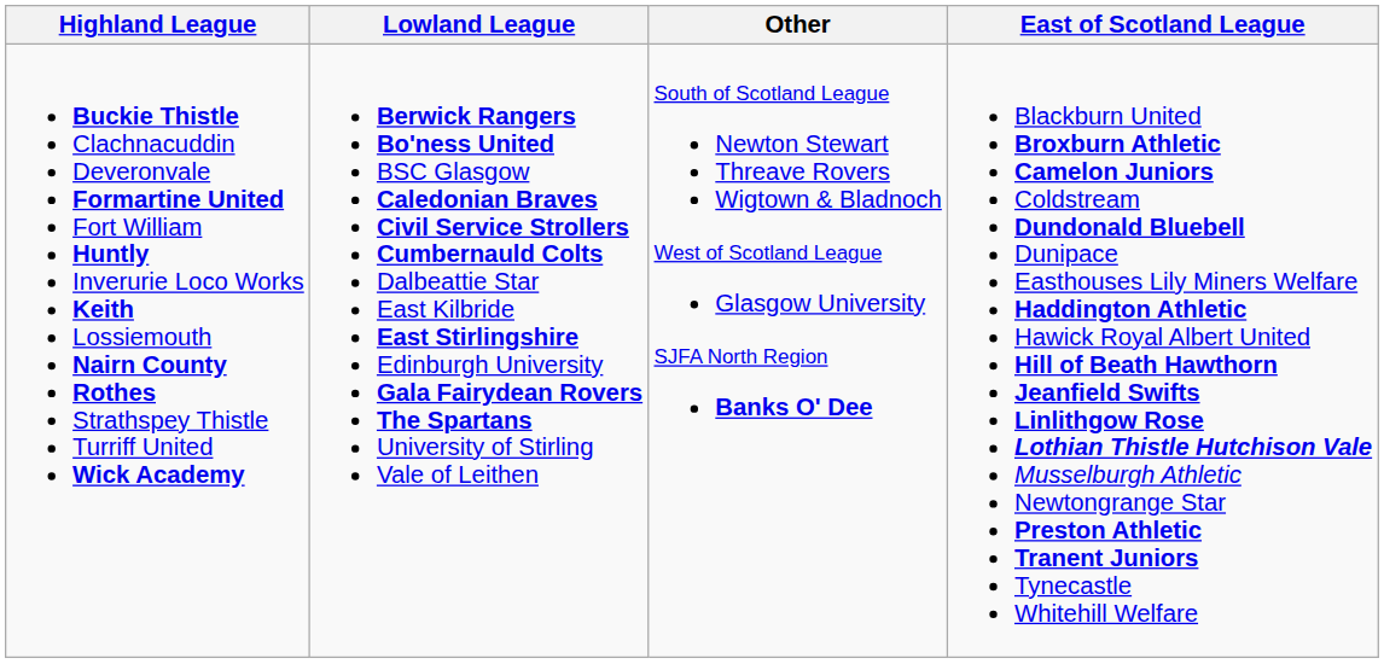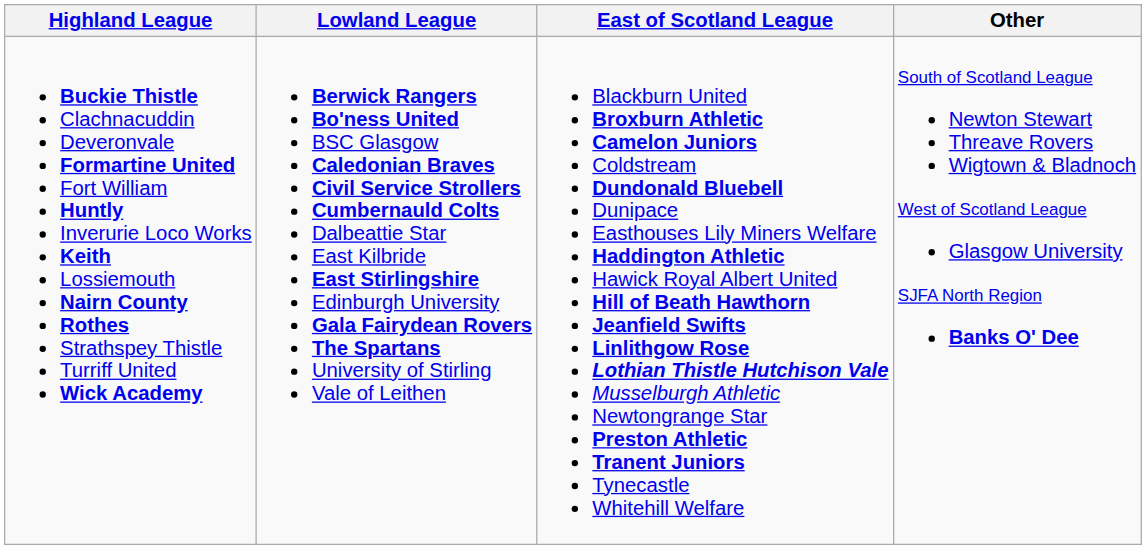 <table class="wikitable" style="text-align:left">
 <tr>
 <th><a href='#'>Highland League</a></th>
 <th><a href='#'>Lowland League</a></th>
+<th><a href='#'>East of Scotland League</a></th>
 <th>Other</th>
-<th><a href='#'>East of Scotland League</a></th>
 </tr>
 <tr>
 <td valign=top><br><ul><li><strong><a href='#'>Buckie Thistle</a></strong></li><li><a href='#'>Clachnacuddin</a></li><li><a href='#'>Deveronvale</a></li><li><strong><a href='#'>Formartine United</a></strong></li><li><a href='#'>Fort William</a></li><li><strong><a href='#'>Huntly</a></strong></li><li><a href='#'>Inverurie Loco Works</a></li><li><strong><a href='#'>Keith</a></strong></li><li><a href='#'>Lossiemouth</a></li><li><strong><a href='#'>Nairn County</a></strong></li><li><strong><a href='#'>Rothes</a></strong></li><li><a href='#'>Strathspey Thistle</a></li><li><a href='#'>Turriff United</a></li><li><strong><a href='#'>Wick Academy</a></strong></li></ul></td>
 <td valign=top><br><ul><li><strong><a href='#'>Berwick Rangers</a></strong></li><li><strong><a href='#'>Bo'ness United</a></strong></li><li><a href='#'>BSC Glasgow</a></li><li><strong><a href='#'>Caledonian Braves</a></strong></li><li><strong><a href='#'>Civil Service Strollers</a></strong></li><li><strong><a href='#'>Cumbernauld Colts</a></strong></li><li><a href='#'>Dalbeattie Star</a></li><li><a href='#'>East Kilbride</a></li><li><strong><a href='#'>East Stirlingshire</a></strong></li><li><a href='#'>Edinburgh University</a></li><li><strong><a href='#'>Gala Fairydean Rovers</a></strong></li><li><strong><a href='#'>The Spartans</a></strong></li><li><a href='#'>University of Stirling</a></li><li><a href='#'>Vale of Leithen</a></li></ul></td>
+<td valign=top><br><ul><li><a href='#'>Blackburn United</a></li><li><strong><a href='#'>Broxburn Athletic</a></strong></li><li><strong><a href='#'>Camelon Juniors</a></strong></li><li><a href='#'>Coldstream</a></li><li><strong><a href='#'>Dundonald Bluebell</a></strong></li><li><a href='#'>Dunipace</a></li><li><a href='#'>Easthouses Lily Miners Welfare</a></li><li><strong><a href='#'>Haddington Athletic</a></strong></li><li><a href='#'>Hawick Royal Albert United</a></li><li><strong><a href='#'>Hill of Beath Hawthorn</a></strong></li><li><strong><a href='#'>Jeanfield Swifts</a></strong></li><li><strong><a href='#'>Linlithgow Rose</a></strong></li><li><strong><em><a href='#'>Lothian Thistle Hutchison Vale</a></em></strong></li><li><em><a href='#'>Musselburgh Athletic</a></em></li><li><a href='#'>Newtongrange Star</a></li><li><strong><a href='#'>Preston Athletic</a></strong></li><li><strong><a href='#'>Tranent Juniors</a></strong></li><li><a href='#'>Tynecastle</a></li><li><a href='#'>Whitehill Welfare</a></li></ul></td>
 <td valign=top><br><small><a href='#'>South of Scotland League</a></small><ul><li><a href='#'>Newton Stewart</a></li><li><a href='#'>Threave Rovers</a></li><li><a href='#'>Wigtown & Bladnoch</a></li></ul><small><a href='#'>West of Scotland League</a></small><ul><li><a href='#'>Glasgow University</a></li></ul><small><a href='#'>SJFA North Region</a></small><ul><li><strong><a href='#'>Banks O' Dee</a></strong></li></ul></td>
-<td valign=top><br><ul><li><a href='#'>Blackburn United</a></li><li><strong><a href='#'>Broxburn Athletic</a></strong></li><li><strong><a href='#'>Camelon Juniors</a></strong></li><li><a href='#'>Coldstream</a></li><li><strong><a href='#'>Dundonald Bluebell</a></strong></li><li><a href='#'>Dunipace</a></li><li><a href='#'>Easthouses Lily Miners Welfare</a></li><li><strong><a href='#'>Haddington Athletic</a></strong></li><li><a href='#'>Hawick Royal Albert United</a></li><li><strong><a href='#'>Hill of Beath Hawthorn</a></strong></li><li><strong><a href='#'>Jeanfield Swifts</a></strong></li><li><strong><a href='#'>Linlithgow Rose</a></strong></li><li><strong><em><a href='#'>Lothian Thistle Hutchison Vale</a></em></strong></li><li><em><a href='#'>Musselburgh Athletic</a></em></li><li><a href='#'>Newtongrange Star</a></li><li><strong><a href='#'>Preston Athletic</a></strong></li><li><strong><a href='#'>Tranent Juniors</a></strong></li><li><a href='#'>Tynecastle</a></li><li><a href='#'>Whitehill Welfare</a></li></ul></td>
 </tr>
 </table>
